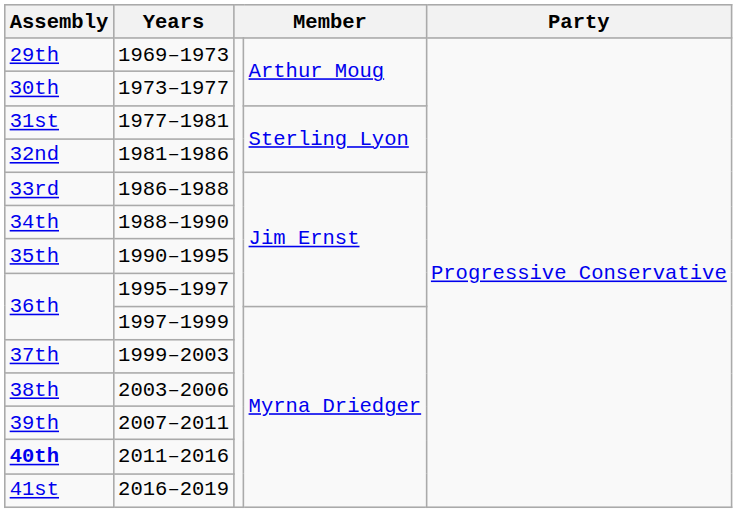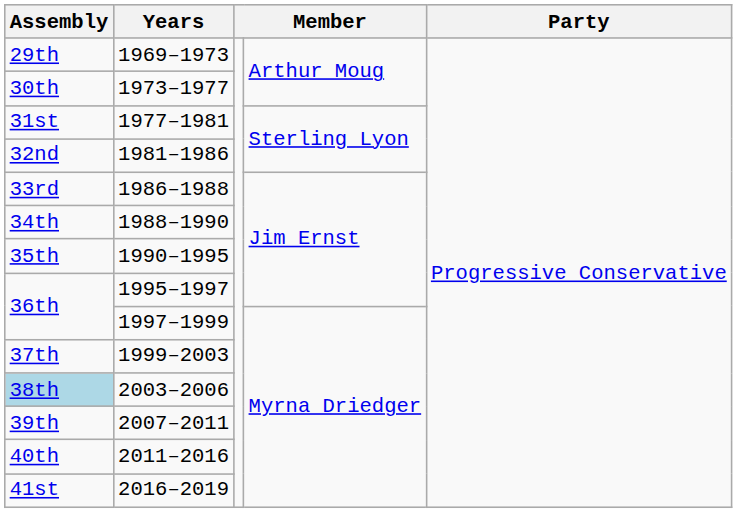 <table class="wikitable">
 <tr>
 <th>Assembly</th>
 <th>Years</th>
 <th colspan="2">Member</th>
 <th>Party<br></th>
 </tr>
 <tr>
 <td><a href='#'>29th</a></td>
 <td>1969–1973</td>
 <td rowspan=14 ></td>
 <td rowspan=2><a href='#'>Arthur Moug</a></td>
 <td rowspan=14><a href='#'>Progressive Conservative</a></td>
 </tr>
 <tr>
 <td><a href='#'>30th</a></td>
 <td>1973–1977</td>
 </tr>
 <tr>
 <td><a href='#'>31st</a></td>
 <td>1977–1981</td>
 <td rowspan=2><a href='#'>Sterling Lyon</a></td>
 </tr>
 <tr>
 <td><a href='#'>32nd</a></td>
 <td>1981–1986</td>
 </tr>
 <tr>
 <td><a href='#'>33rd</a></td>
 <td>1986–1988</td>
 <td rowspan=4><a href='#'>Jim Ernst</a></td>
 </tr>
 <tr>
 <td><a href='#'>34th</a></td>
 <td>1988–1990</td>
 </tr>
 <tr>
 <td><a href='#'>35th</a></td>
 <td>1990–1995</td>
 </tr>
 <tr>
 <td rowspan=2><a href='#'>36th</a></td>
 <td>1995–1997</td>
 </tr>
 <tr>
 <td>1997–1999</td>
 <td rowspan=6><a href='#'>Myrna Driedger</a></td>
 </tr>
 <tr>
 <td><a href='#'>37th</a></td>
 <td>1999–2003</td>
 </tr>
 <tr>
-<td><a href='#'>38th</a></td>
+<td style="background: lightblue;"><a href='#'>38th</a></td>
 <td>2003–2006</td>
 </tr>
 <tr>
 <td><a href='#'>39th</a></td>
 <td>2007–2011</td>
 </tr>
 <tr>
-<td><strong><a href='#'>40th</a></strong></td>
+<td><a href='#'>40th</a></td>
 <td>2011–2016</td>
 </tr>
 <tr>
 <td><a href='#'>41st</a></td>
 <td>2016–2019<br></td>
 </tr>
 </table>
